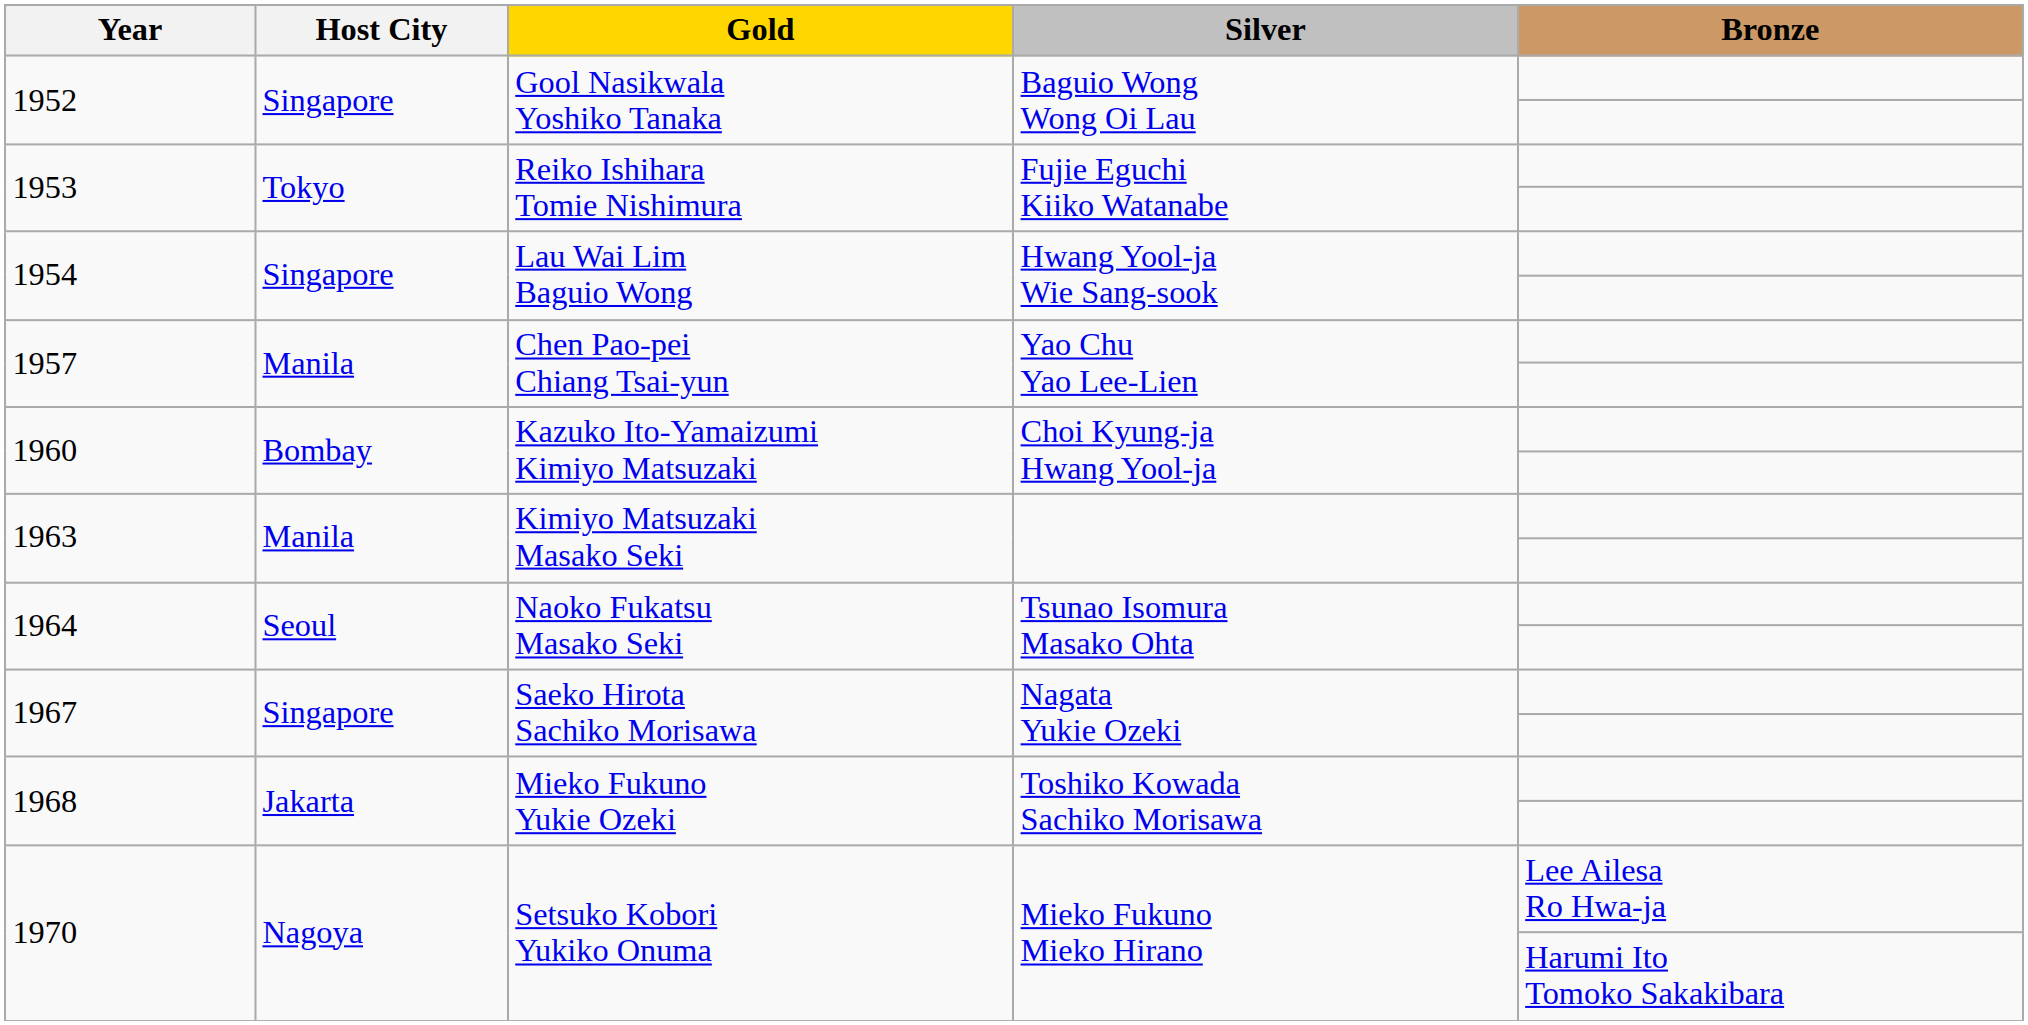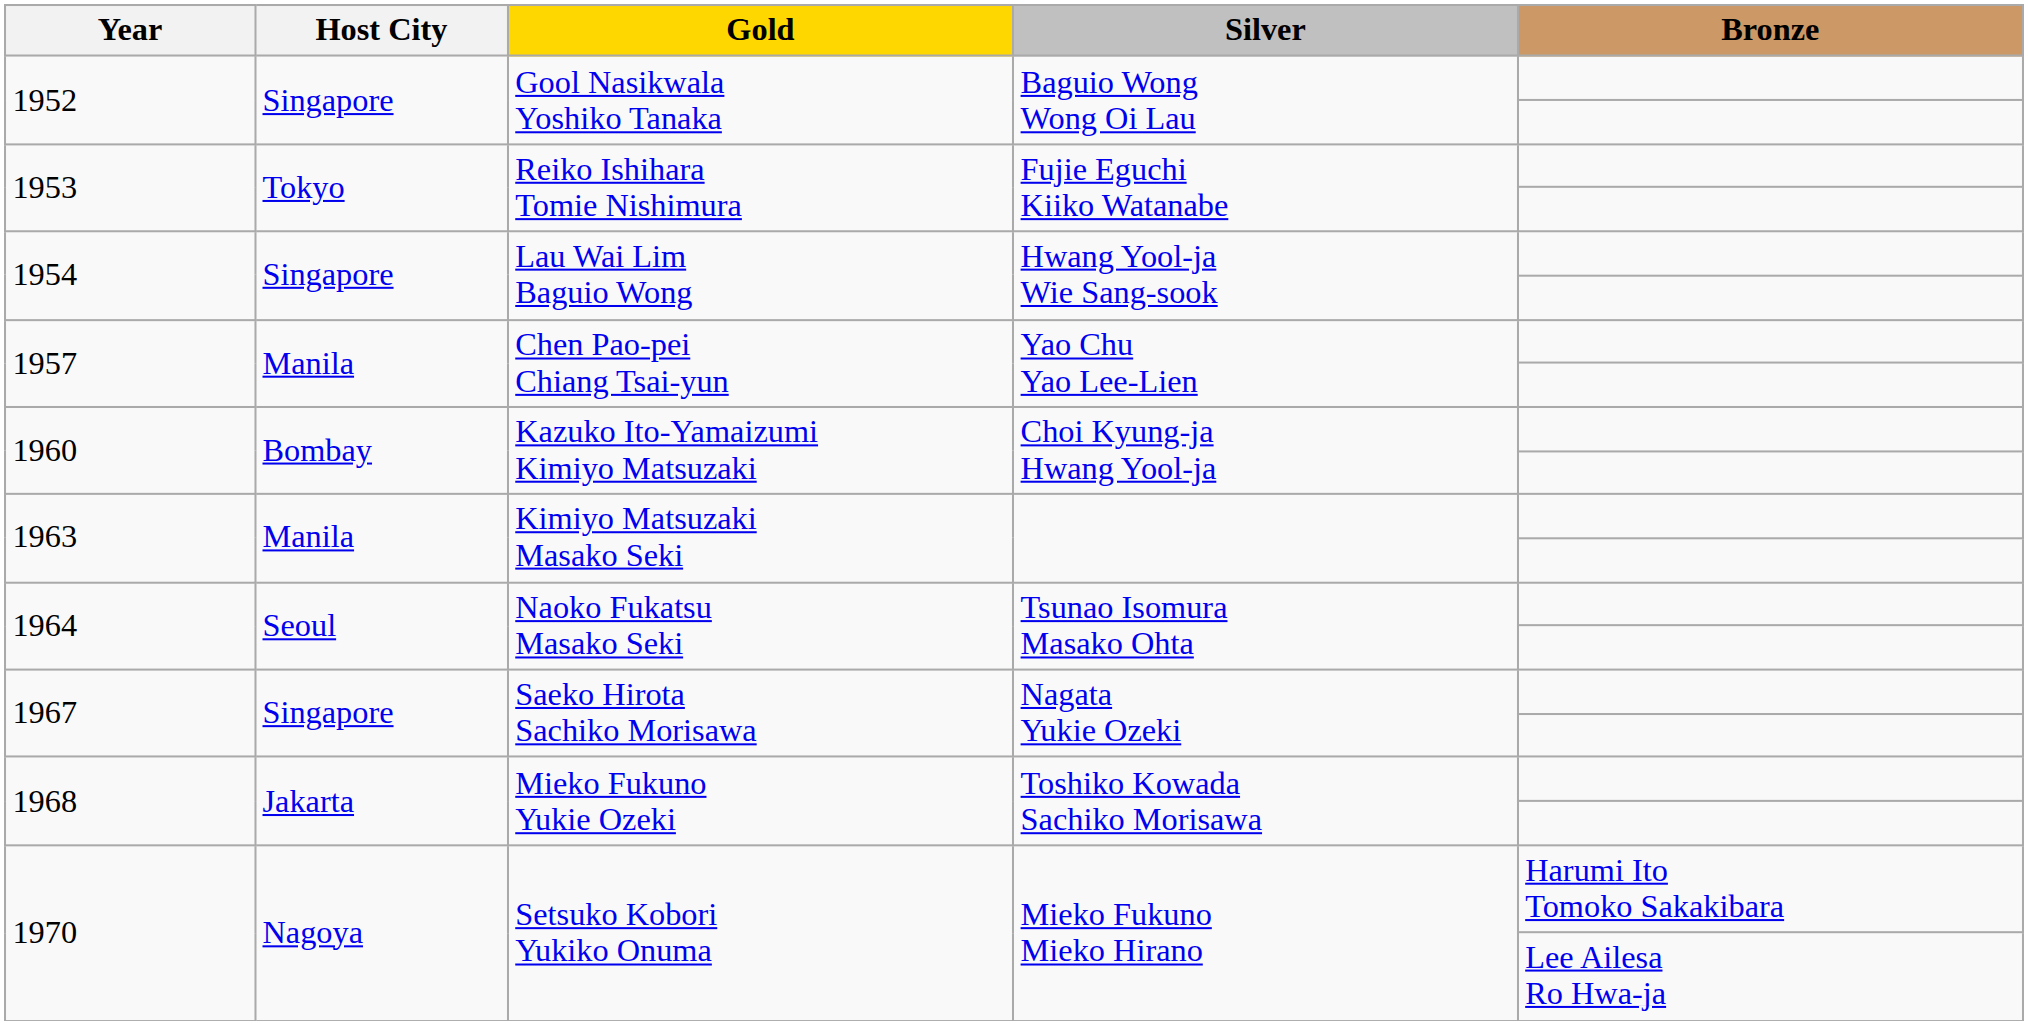 <table class="wikitable" style="text-align:left; width:1000px;">
 <tr>
 <th width="120">Year</th>
 <th width="120">Host City</th>
 <th width="250" style="background-color: gold">Gold</th>
 <th width="250" style="background-color: silver">Silver</th>
 <th width="250" style="background-color: #cc9966">Bronze</th>
 </tr>
 <tr>
 <td rowspan=2>1952</td>
 <td rowspan=2><a href='#'>Singapore</a></td>
 <td rowspan=2> <a href='#'>Gool Nasikwala</a><br> <a href='#'>Yoshiko Tanaka</a></td>
 <td rowspan=2> <a href='#'>Baguio Wong</a><br> <a href='#'>Wong Oi Lau</a></td>
 <td></td>
 </tr>
 <tr>
 <td></td>
 </tr>
 <tr>
 <td rowspan=2>1953</td>
 <td rowspan=2><a href='#'>Tokyo</a></td>
 <td rowspan=2> <a href='#'>Reiko Ishihara</a><br> <a href='#'>Tomie Nishimura</a></td>
 <td rowspan=2> <a href='#'>Fujie Eguchi</a><br> <a href='#'>Kiiko Watanabe</a></td>
 <td></td>
 </tr>
 <tr>
 <td></td>
 </tr>
 <tr>
 <td rowspan=2>1954</td>
 <td rowspan=2><a href='#'>Singapore</a></td>
 <td rowspan=2> <a href='#'>Lau Wai Lim</a><br> <a href='#'>Baguio Wong</a></td>
 <td rowspan=2> <a href='#'>Hwang Yool-ja</a><br> <a href='#'>Wie Sang-sook</a></td>
 <td></td>
 </tr>
 <tr>
 <td></td>
 </tr>
 <tr>
 <td rowspan=2>1957</td>
 <td rowspan=2><a href='#'>Manila</a></td>
 <td rowspan=2> <a href='#'>Chen Pao-pei</a><br> <a href='#'>Chiang Tsai-yun</a></td>
 <td rowspan=2> <a href='#'>Yao Chu</a><br> <a href='#'>Yao Lee-Lien</a></td>
 <td></td>
 </tr>
 <tr>
 <td></td>
 </tr>
 <tr>
 <td rowspan=2>1960</td>
 <td rowspan=2><a href='#'>Bombay</a></td>
 <td rowspan=2> <a href='#'>Kazuko Ito-Yamaizumi</a><br> <a href='#'>Kimiyo Matsuzaki</a></td>
 <td rowspan=2> <a href='#'>Choi Kyung-ja</a><br> <a href='#'>Hwang Yool-ja</a></td>
 <td></td>
 </tr>
 <tr>
 <td></td>
 </tr>
 <tr>
 <td rowspan=2>1963</td>
 <td rowspan=2><a href='#'>Manila</a></td>
 <td rowspan=2> <a href='#'>Kimiyo Matsuzaki</a><br> <a href='#'>Masako Seki</a></td>
 <td rowspan=2></td>
 <td></td>
 </tr>
 <tr>
 <td></td>
 </tr>
 <tr>
 <td rowspan=2>1964</td>
 <td rowspan=2><a href='#'>Seoul</a></td>
 <td rowspan=2> <a href='#'>Naoko Fukatsu</a><br> <a href='#'>Masako Seki</a></td>
 <td rowspan=2> <a href='#'>Tsunao Isomura</a><br> <a href='#'>Masako Ohta</a></td>
 <td></td>
 </tr>
 <tr>
 <td></td>
 </tr>
 <tr>
 <td rowspan=2>1967</td>
 <td rowspan=2><a href='#'>Singapore</a></td>
 <td rowspan=2> <a href='#'>Saeko Hirota</a><br> <a href='#'>Sachiko Morisawa</a></td>
 <td rowspan=2> <a href='#'>Nagata</a><br> <a href='#'>Yukie Ozeki</a></td>
 <td></td>
 </tr>
 <tr>
 <td></td>
 </tr>
 <tr>
 <td rowspan=2>1968</td>
 <td rowspan=2><a href='#'>Jakarta</a></td>
 <td rowspan=2> <a href='#'>Mieko Fukuno</a><br> <a href='#'>Yukie Ozeki</a></td>
 <td rowspan=2> <a href='#'>Toshiko Kowada</a><br> <a href='#'>Sachiko Morisawa</a></td>
 <td></td>
 </tr>
 <tr>
 <td></td>
 </tr>
 <tr>
 <td rowspan=2>1970</td>
 <td rowspan=2><a href='#'>Nagoya</a></td>
 <td rowspan=2> <a href='#'>Setsuko Kobori</a><br> <a href='#'>Yukiko Onuma</a></td>
 <td rowspan=2> <a href='#'>Mieko Fukuno</a><br> <a href='#'>Mieko Hirano</a></td>
+<td> <a href='#'>Harumi Ito</a><br> <a href='#'>Tomoko Sakakibara</a></td>
+</tr>
+<tr>
 <td> <a href='#'>Lee Ailesa</a><br> <a href='#'>Ro Hwa-ja</a></td>
 </tr>
-<tr>
-<td> <a href='#'>Harumi Ito</a><br> <a href='#'>Tomoko Sakakibara</a></td>
-</tr>
 </table>
